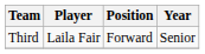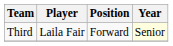 <table class="wikitable" border="1">
 <tr align=center>
 <th>Team</th>
 <th>Player</th>
 <th>Position</th>
 <th>Year</th>
 </tr>
 <tr>
 <td>Third</td>
 <td>Laila Fair</td>
 <td>Forward</td>
-<td>Senior</td>
+<td style="background: lightyellow;">Senior</td>
 </tr>
 <tr>
 </tr>
 </table>
